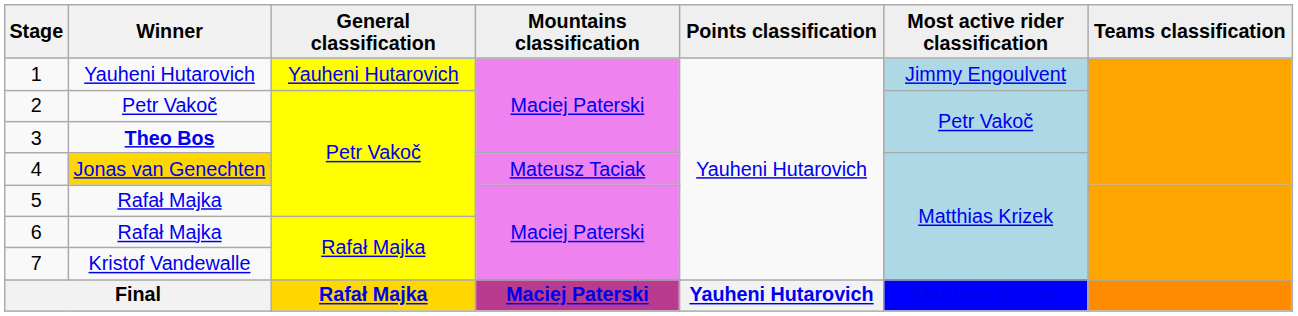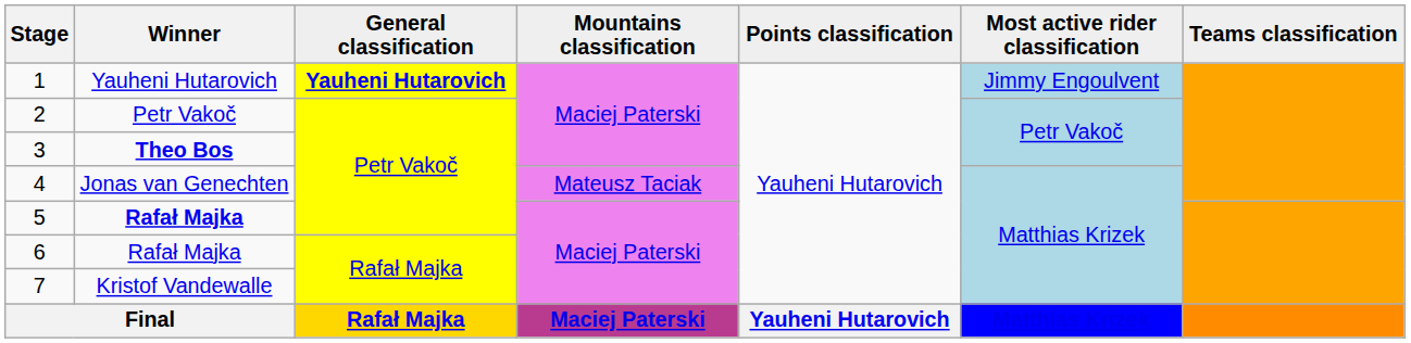 <table class="wikitable" style="text-align: center; font-size:smaller;">
 <tr style="background-color: #efefef;">
 <th width="2%">Stage</th>
 <th width="16%">Winner</th>
 <th style="background:#efefef;" width="16%"><strong>General classification</strong><br></th>
 <th style="background:#efefef;" width="16%"><strong>Mountains classification</strong><br></th>
 <th style="background:#efefef;" width="16%"><strong>Points classification</strong><br></th>
 <th style="background:#efefef;" width="16%"><strong>Most active rider classification</strong><br></th>
 <th style="background:#efefef;" width="16%"><strong>Teams classification</strong><br></th>
 </tr>
 <tr>
 <td>1</td>
 <td><a href='#'>Yauheni Hutarovich</a></td>
-<td style="background:yellow;"><a href='#'>Yauheni Hutarovich</a></td>
+<td style="background:yellow;"><strong><a href='#'>Yauheni Hutarovich</a></strong></td>
 <td style="background:violet;" rowspan=3><a href='#'>Maciej Paterski</a></td>
 <td style="background:offwhite;" rowspan=7><a href='#'>Yauheni Hutarovich</a></td>
 <td style="background:lightblue;"><a href='#'>Jimmy Engoulvent</a></td>
 <td style="background:orange;" rowspan=4></td>
 </tr>
 <tr>
 <td>2</td>
 <td><a href='#'>Petr Vakoč</a></td>
 <td style="background:yellow;" rowspan=4><a href='#'>Petr Vakoč</a></td>
 <td style="background:lightblue;" rowspan=2><a href='#'>Petr Vakoč</a></td>
 </tr>
 <tr>
 <td>3</td>
 <td><strong><a href='#'>Theo Bos</a></strong></td>
 </tr>
 <tr>
 <td>4</td>
-<td style="background: gold;"><a href='#'>Jonas van Genechten</a></td>
+<td><a href='#'>Jonas van Genechten</a></td>
 <td style="background:violet;"><a href='#'>Mateusz Taciak</a></td>
 <td style="background:lightblue;" rowspan=4><a href='#'>Matthias Krizek</a></td>
 </tr>
 <tr>
 <td>5</td>
-<td><a href='#'>Rafał Majka</a></td>
+<td><strong><a href='#'>Rafał Majka</a></strong></td>
 <td style="background:violet;" rowspan=3><a href='#'>Maciej Paterski</a></td>
 <td style="background:orange;" rowspan=3></td>
 </tr>
 <tr>
 <td>6</td>
 <td><a href='#'>Rafał Majka</a></td>
 <td style="background:yellow;" rowspan=2><a href='#'>Rafał Majka</a></td>
 </tr>
 <tr>
 <td>7</td>
 <td><a href='#'>Kristof Vandewalle</a></td>
 </tr>
 <tr>
 <th colspan=2>Final</th>
 <th style="background:gold;"><a href='#'>Rafał Majka</a></th>
 <th style="background:#B93B8F;"><a href='#'>Maciej Paterski</a></th>
 <th style="background:offwhite;"><a href='#'>Yauheni Hutarovich</a></th>
 <th style="background:blue;"><a href='#'>Matthias Krizek</a></th>
 <th style="background:#ff8c00;"></th>
 </tr>
 </table>
